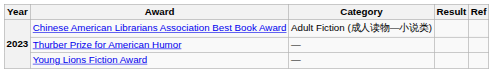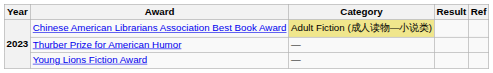 <table class="wikitable sortable">
 <tr>
 <th>Year</th>
 <th>Award</th>
 <th>Category</th>
 <th>Result</th>
 <th>Ref</th>
 </tr>
 <tr>
 <th rowspan="3">2023</th>
 <td><a href='#'>Chinese American Librarians Association Best Book Award</a></td>
-<td>Adult Fiction (成人读物—小说类)</td>
+<td style="background: khaki;">Adult Fiction (成人读物—小说类)</td>
 <td></td>
 <td></td>
 </tr>
 <tr>
 <td><a href='#'>Thurber Prize for American Humor</a></td>
 <td>—</td>
 <td></td>
 <td></td>
 </tr>
 <tr>
 <td><a href='#'>Young Lions Fiction Award</a></td>
 <td>—</td>
 <td></td>
 <td></td>
 </tr>
 </table>
